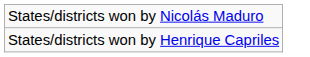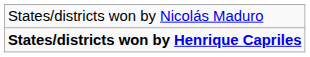 <table class="wikitable">
 <tr>
 <td>States/districts won by <a href='#'>Nicolás Maduro</a></td>
 </tr>
 <tr>
-<td>States/districts won by <a href='#'>Henrique Capriles</a></td>
+<td><strong>States/districts won by <a href='#'>Henrique Capriles</a></strong></td>
 </tr>
 </table>
